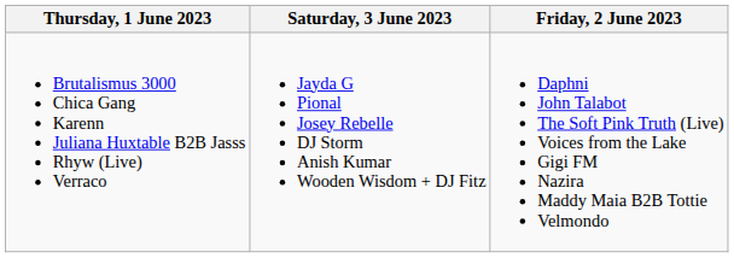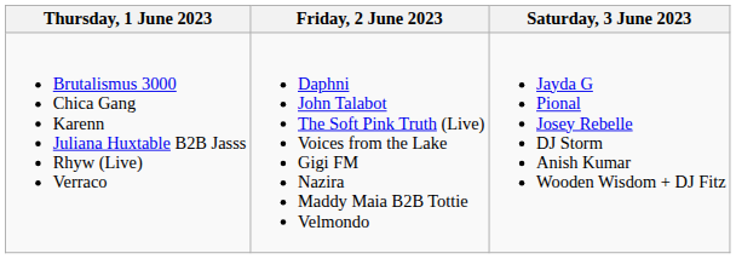 <table class="wikitable">
 <tr>
 <th>Thursday, 1 June 2023</th>
+<th>Friday, 2 June 2023</th>
 <th>Saturday, 3 June 2023</th>
-<th>Friday, 2 June 2023</th>
 </tr>
 <tr valign="top">
 <td><br><ul><li><a href='#'>Brutalismus 3000</a></li><li>Chica Gang</li><li>Karenn</li><li><a href='#'>Juliana Huxtable</a> B2B Jasss</li><li>Rhyw (Live)</li><li>Verraco</li></ul></td>
+<td><br><ul><li><a href='#'>Daphni</a></li><li><a href='#'>John Talabot</a></li><li><a href='#'>The Soft Pink Truth</a> (Live)</li><li>Voices from the Lake</li><li>Gigi FM</li><li>Nazira</li><li>Maddy Maia B2B Tottie</li><li>Velmondo</li></ul></td>
 <td><br><ul><li><a href='#'>Jayda G</a></li><li><a href='#'>Pional</a></li><li><a href='#'>Josey Rebelle</a></li><li>DJ Storm</li><li>Anish Kumar</li><li>Wooden Wisdom + DJ Fitz</li></ul></td>
-<td><br><ul><li><a href='#'>Daphni</a></li><li><a href='#'>John Talabot</a></li><li><a href='#'>The Soft Pink Truth</a> (Live)</li><li>Voices from the Lake</li><li>Gigi FM</li><li>Nazira</li><li>Maddy Maia B2B Tottie</li><li>Velmondo</li></ul></td>
 </tr>
 </table>
